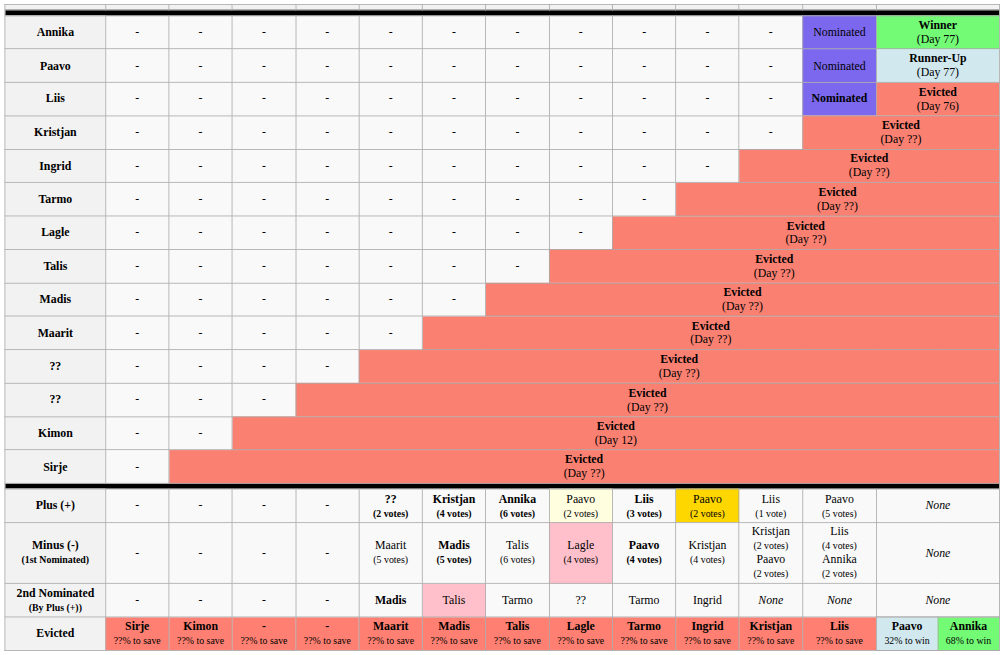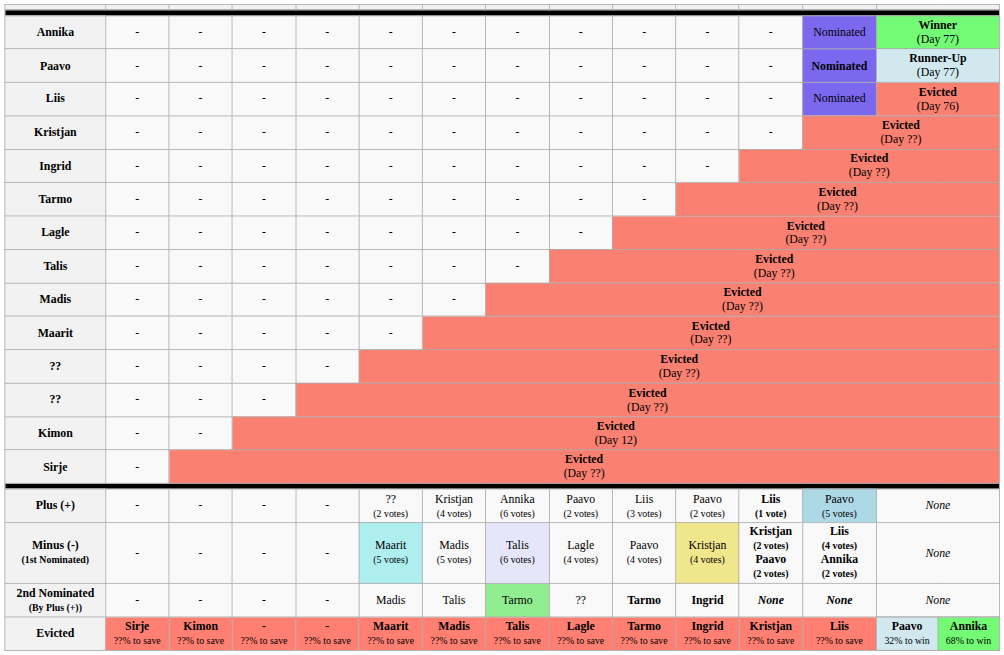 <table class="wikitable" style="font-size:90%; text-align:center; width: 96%; margin-left: auto; margin-right: auto;">
 <tr>
 <th></th>
 <th></th>
 <th></th>
 <th></th>
 <th></th>
 <th></th>
 <th></th>
 <th></th>
 <th></th>
 <th></th>
 <th></th>
 <th></th>
 <th></th>
 <th colspan=2></th>
 </tr>
 <tr>
 <th style="background:#000000;" colspan="15"></th>
 </tr>
 <tr>
 <th>Annika</th>
 <td>-</td>
 <td>-</td>
 <td>-</td>
 <td>-</td>
 <td>-</td>
 <td>-</td>
 <td>-</td>
 <td>-</td>
 <td>-</td>
 <td>-</td>
 <td>-</td>
 <td style="background:#7b68ee;">Nominated</td>
 <td style="background:#73FB76" colspan=2><strong>Winner</strong> <br> (Day 77)</td>
 </tr>
 <tr>
 <th>Paavo</th>
 <td>-</td>
 <td>-</td>
 <td>-</td>
 <td>-</td>
 <td>-</td>
 <td>-</td>
 <td>-</td>
 <td>-</td>
 <td>-</td>
 <td>-</td>
 <td>-</td>
-<td style="background:#7b68ee;">Nominated</td>
+<td style="background:#7b68ee;"><strong>Nominated</strong></td>
 <td style="background:#D1E8EF" colspan=2><strong>Runner-Up</strong> <br> (Day 77)</td>
 </tr>
 <tr>
 <th>Liis</th>
 <td>-</td>
 <td>-</td>
 <td>-</td>
 <td>-</td>
 <td>-</td>
 <td>-</td>
 <td>-</td>
 <td>-</td>
 <td>-</td>
 <td>-</td>
 <td>-</td>
-<td style="background:#7b68ee;"><strong>Nominated</strong></td>
+<td style="background:#7b68ee;">Nominated</td>
 <td style="background:salmon; text-align:center;" colspan=2><strong>Evicted</strong> <br> (Day 76)</td>
 </tr>
 <tr>
 <th>Kristjan</th>
 <td>-</td>
 <td>-</td>
 <td>-</td>
 <td>-</td>
 <td>-</td>
 <td>-</td>
 <td>-</td>
 <td>-</td>
 <td>-</td>
 <td>-</td>
 <td>-</td>
 <td style="background:salmon; text-align:center;" colspan=3><strong>Evicted</strong> <br> (Day ??)</td>
 </tr>
 <tr>
 <th>Ingrid</th>
 <td>-</td>
 <td>-</td>
 <td>-</td>
 <td>-</td>
 <td>-</td>
 <td>-</td>
 <td>-</td>
 <td>-</td>
 <td>-</td>
 <td>-</td>
 <td style="background:salmon; text-align:center;" colspan=4><strong>Evicted</strong> <br> (Day ??)</td>
 </tr>
 <tr>
 <th>Tarmo</th>
 <td>-</td>
 <td>-</td>
 <td>-</td>
 <td>-</td>
 <td>-</td>
 <td>-</td>
 <td>-</td>
 <td>-</td>
 <td>-</td>
 <td style="background:salmon; text-align:center;" colspan=5><strong>Evicted</strong> <br> (Day ??)</td>
 </tr>
 <tr>
 <th>Lagle</th>
 <td>-</td>
 <td>-</td>
 <td>-</td>
 <td>-</td>
 <td>-</td>
 <td>-</td>
 <td>-</td>
 <td>-</td>
 <td style="background:salmon; text-align:center;" colspan=6><strong>Evicted</strong> <br> (Day ??)</td>
 </tr>
 <tr>
 <th>Talis</th>
 <td>-</td>
 <td>-</td>
 <td>-</td>
 <td>-</td>
 <td>-</td>
 <td>-</td>
 <td>-</td>
 <td style="background:salmon; text-align:center;" colspan="7"><strong>Evicted</strong> <br> (Day ??)</td>
 </tr>
 <tr>
 <th>Madis</th>
 <td>-</td>
 <td>-</td>
 <td>-</td>
 <td>-</td>
 <td>-</td>
 <td>-</td>
 <td style="background:salmon; text-align:center;" colspan="8"><strong>Evicted</strong> <br> (Day ??)</td>
 </tr>
 <tr>
 <th>Maarit</th>
 <td>-</td>
 <td>-</td>
 <td>-</td>
 <td>-</td>
 <td>-</td>
 <td style="background:salmon; text-align:center;" colspan="9"><strong>Evicted</strong> <br> (Day ??)</td>
 </tr>
 <tr>
 <th>??</th>
 <td>-</td>
 <td>-</td>
 <td>-</td>
 <td>-</td>
 <td style="background:salmon; text-align:center;" colspan="10"><strong>Evicted</strong> <br> (Day ??)</td>
 </tr>
 <tr>
 <th>??</th>
 <td>-</td>
 <td>-</td>
 <td>-</td>
 <td style="background:salmon; text-align:center;" colspan="11"><strong>Evicted</strong> <br> (Day ??)</td>
 </tr>
 <tr>
 <th>Kimon</th>
 <td>-</td>
 <td>-</td>
 <td style="background:salmon; text-align:center;" colspan="12"><strong>Evicted</strong><br> (Day 12)</td>
 </tr>
 <tr>
 <th>Sirje</th>
 <td>-</td>
 <td style="background:salmon; text-align:center;" colspan="13"><strong>Evicted</strong><br> (Day ??)</td>
 </tr>
 <tr>
 <th style="background:#000000;" colspan="15"></th>
 </tr>
 <tr>
 <th>Plus (+)</th>
 <td>-</td>
 <td>-</td>
 <td>-</td>
 <td>-</td>
-<td><strong><span>??<br><small>(2 votes)</small></span></strong></td>
-<td><strong><span>Kristjan<br><small>(4 votes)</small></span></strong></td>
-<td><strong><span>Annika<br><small>(6 votes)</small></span></strong></td>
-<td style="background: lightyellow;"><span>Paavo<br><small>(2 votes)</small></span></td>
-<td><strong><span>Liis<br><small>(3 votes)</small></span></strong></td>
-<td style="background: gold;"><span>Paavo<br><small>(2 votes)</small></span></td>
-<td><span>Liis<br><small>(1 vote)</small></span></td>
-<td><span>Paavo<br><small>(5 votes)</small></span></td>
+<td><span>??<br><small>(2 votes)</small></span></td>
+<td><span>Kristjan<br><small>(4 votes)</small></span></td>
+<td><span>Annika<br><small>(6 votes)</small></span></td>
+<td><span>Paavo<br><small>(2 votes)</small></span></td>
+<td><span>Liis<br><small>(3 votes)</small></span></td>
+<td><span>Paavo<br><small>(2 votes)</small></span></td>
+<td><strong><span>Liis<br><small>(1 vote)</small></span></strong></td>
+<td style="background: lightblue;"><span>Paavo<br><small>(5 votes)</small></span></td>
 <td colspan=2><em>None</em></td>
 </tr>
 <tr>
 <th>Minus (-)<br><small>(1st Nominated)</small></th>
 <td>-</td>
 <td>-</td>
 <td>-</td>
 <td>-</td>
-<td><span>Maarit<br><small>(5 votes)</small></span></td>
-<td><strong><span>Madis<br><small>(5 votes)</small></span></strong></td>
-<td><span>Talis<br><small>(6 votes)</small></span></td>
-<td style="background: pink;"><span>Lagle<br><small>(4 votes)</small></span></td>
-<td><strong><span>Paavo<br><small>(4 votes)</small></span></strong></td>
-<td><span>Kristjan<br><small>(4 votes)</small></span></td>
-<td><span>Kristjan<br><small>(2 votes)</small><br>Paavo<br><small>(2 votes)</small></span></td>
-<td><span>Liis<br><small>(4 votes)</small><br>Annika<br><small>(2 votes)</small></span></td>
+<td style="background: paleturquoise;"><span>Maarit<br><small>(5 votes)</small></span></td>
+<td><span>Madis<br><small>(5 votes)</small></span></td>
+<td style="background: lavender;"><span>Talis<br><small>(6 votes)</small></span></td>
+<td><span>Lagle<br><small>(4 votes)</small></span></td>
+<td><span>Paavo<br><small>(4 votes)</small></span></td>
+<td style="background: khaki;"><span>Kristjan<br><small>(4 votes)</small></span></td>
+<td><strong><span>Kristjan<br><small>(2 votes)</small><br>Paavo<br><small>(2 votes)</small></span></strong></td>
+<td><strong><span>Liis<br><small>(4 votes)</small><br>Annika<br><small>(2 votes)</small></span></strong></td>
 <td colspan=2><em>None</em></td>
 </tr>
 <tr>
 <th>2nd Nominated<br><small>(By Plus (+))</small></th>
 <td>-</td>
 <td>-</td>
 <td>-</td>
 <td>-</td>
-<td><strong>Madis</strong></td>
-<td style="background: pink;">Talis</td>
-<td>Tarmo</td>
+<td>Madis</td>
+<td>Talis</td>
+<td style="background: lightgreen;">Tarmo</td>
 <td>??</td>
-<td>Tarmo</td>
-<td>Ingrid</td>
-<td><em>None</em></td>
-<td><em>None</em></td>
+<td><strong>Tarmo</strong></td>
+<td><strong>Ingrid</strong></td>
+<td><strong><em>None</em></strong></td>
+<td><strong><em>None</em></strong></td>
 <td colspan=2><em>None</em></td>
 </tr>
 <tr>
 <th rowspan="4">Evicted</th>
 <td rowspan="4" style="background:#FF8072"><strong>Sirje</strong><br><small>??% to save</small></td>
 <td rowspan="4" style="background:#FF8072"><strong>Kimon</strong><br><small>??% to save</small></td>
 <td rowspan="4" style="background:#FF8072"><strong>-</strong><br><small>??% to save</small></td>
 <td rowspan="4" style="background:#FF8072"><strong>-</strong><br><small>??% to save</small></td>
 <td rowspan="4" style="background:#FF8072"><strong>Maarit</strong><br><small>??% to save</small></td>
 <td rowspan="4" style="background:#FF8072"><strong>Madis</strong><br><small>??% to save</small></td>
 <td rowspan="4" style="background:#FF8072"><strong>Talis</strong><br><small>??% to save</small></td>
 <td rowspan="4" style="background:#FF8072"><strong>Lagle</strong><br><small>??% to save</small></td>
 <td rowspan="4" style="background:#FF8072"><strong>Tarmo</strong><br><small>??% to save</small></td>
 <td rowspan="4" style="background:#FF8072"><strong>Ingrid</strong><br><small>??% to save</small></td>
 <td rowspan="4" style="background:#FF8072"><strong>Kristjan</strong><br><small>??% to save</small></td>
 <td rowspan="4" style="background:#FF8072"><strong>Liis</strong><br><small>??% to save</small></td>
 </tr>
 <tr>
 <td rowspan="1" style="background:#D1E8EF"><strong>Paavo</strong><br><small>32% to win</small></td>
 <td rowspan="1" style="background:#73FB76"><strong>Annika</strong><br><small>68% to win</small></td>
 </tr>
 <tr>
 </tr>
 </table>
